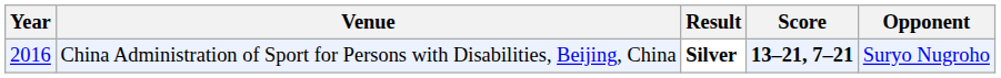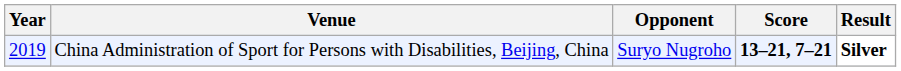 <table class="sortable wikitable" style="font-size: 90%;">
 <tr>
 <th>Year</th>
 <th>Venue</th>
+<th>Opponent</th>
+<th>Score</th>
 <th>Result</th>
-<th>Score</th>
-<th>Opponent</th>
 </tr>
 <tr style="background:#ECF2FF">
-<td align="center"><a href='#'>2016</a></td>
+<td align="center"><a href='#'>2019</a></td>
 <td align="left">China Administration of Sport for Persons with Disabilities, <a href='#'>Beijing</a>, China</td>
+<td align="left"> <a href='#'>Suryo Nugroho</a></td>
+<td align="left"><strong>13–21, 7–21</strong></td>
 <td style="text-align:left; background:white"> <strong>Silver</strong></td>
-<td align="left"><strong>13–21, 7–21</strong></td>
-<td align="left"> <a href='#'>Suryo Nugroho</a></td>
 </tr>
 </table>
